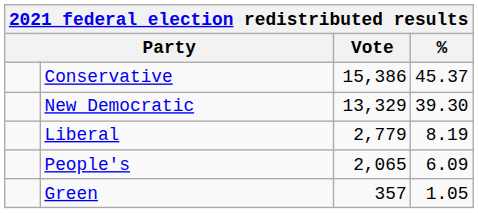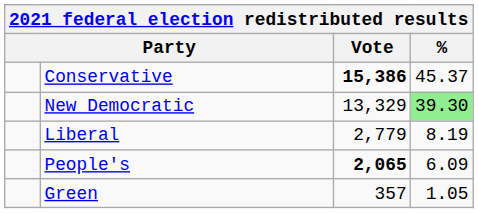 <table class="wikitable">
 <tr>
 <th colspan="4"><a href='#'>2021 federal election</a> redistributed results</th>
 </tr>
 <tr>
 <th bgcolor="#DDDDFF" width="130px" colspan="2">Party</th>
 <th bgcolor="#DDDDFF" width="50px">Vote</th>
 <th bgcolor="#DDDDFF" width="30px">%</th>
 </tr>
 <tr>
 <td> </td>
 <td><a href='#'>Conservative</a></td>
-<td align=right>15,386</td>
+<td align=right><strong>15,386</strong></td>
 <td align=right>45.37</td>
 </tr>
 <tr>
 <td> </td>
 <td><a href='#'>New Democratic</a></td>
 <td align=right>13,329</td>
-<td align=right>39.30</td>
+<td align=right style="background: lightgreen;">39.30</td>
 </tr>
 <tr>
 <td> </td>
 <td><a href='#'>Liberal</a></td>
 <td align=right>2,779</td>
 <td align=right>8.19</td>
 </tr>
 <tr>
 <td> </td>
 <td><a href='#'>People's</a></td>
-<td align=right>2,065</td>
+<td align=right><strong>2,065</strong></td>
 <td align=right>6.09</td>
 </tr>
 <tr>
 <td> </td>
 <td><a href='#'>Green</a></td>
 <td align=right>357</td>
 <td align=right>1.05</td>
 </tr>
 </table>
